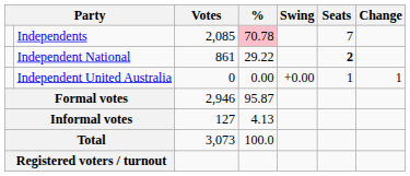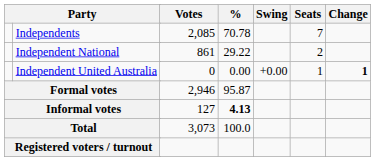 <table class="wikitable" style="text-align:right; margin-bottom:0">
 <tr>
 <th style="width:10px" colspan=3>Party</th>
 <th style="width:70px;">Votes</th>
 <th style="width:40px;">%</th>
 <th style="width:40px;">Swing</th>
 <th style="width:40px;">Seats</th>
 <th style="width:40px;">Change</th>
 </tr>
 <tr>
 <td> </td>
 <td style="text-align:left;" colspan="2"><a href='#'>Independents</a></td>
 <td>2,085</td>
-<td style="background: pink;">70.78</td>
+<td>70.78</td>
 <td></td>
 <td>7</td>
 <td></td>
 </tr>
 <tr>
 <td> </td>
 <td style="text-align:left;" colspan="2"><a href='#'>Independent National</a></td>
 <td>861</td>
 <td>29.22</td>
 <td></td>
-<td><strong>2</strong></td>
+<td>2</td>
 <td></td>
 </tr>
 <tr>
 <td> </td>
 <td style="text-align:left;" colspan="2"><a href='#'>Independent United Australia</a></td>
 <td>0</td>
 <td>0.00</td>
 <td>+0.00</td>
 <td>1</td>
-<td> 1</td>
+<td><strong> 1</strong></td>
 </tr>
 <tr>
 <th colspan="3" rowspan="1"> Formal votes</th>
 <td>2,946</td>
 <td>95.87</td>
 <td></td>
 <td></td>
 <td></td>
 </tr>
 <tr>
 <th colspan="3" rowspan="1"> Informal votes</th>
 <td>127</td>
-<td>4.13</td>
+<td><strong>4.13</strong></td>
 <td></td>
 <td></td>
 <td></td>
 </tr>
 <tr>
 <th colspan="3" rowspan="1"> <strong>Total </strong></th>
 <td>3,073</td>
 <td>100.0</td>
 <td></td>
 <td></td>
 <td></td>
 </tr>
 <tr>
 <th colspan="3" rowspan="1"> Registered voters / turnout</th>
 <td></td>
 <td></td>
 <td></td>
 <td></td>
 <td></td>
 </tr>
 </table>
